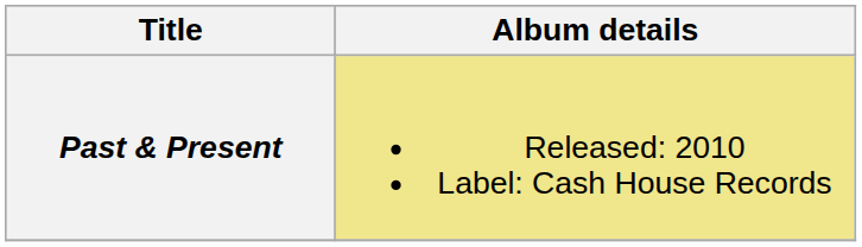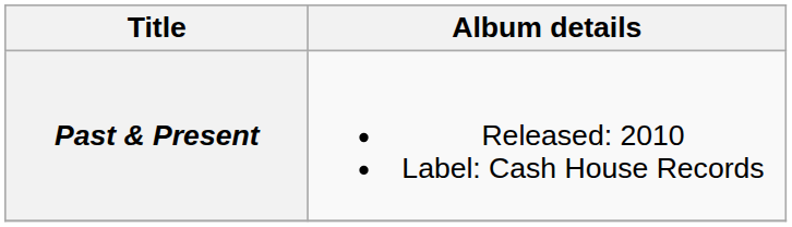 <table class="wikitable plainrowheaders" style="text-align:center;">
 <tr>
 <th scope="col" style="width:10em;">Title</th>
 <th scope="col" style="width:16em;">Album details</th>
 </tr>
 <tr>
 <th scope="row"><em>Past & Present</em></th>
-<td style="background: khaki;"><br><ul><li>Released: 2010</li><li>Label: Cash House Records</li></ul></td>
+<td><br><ul><li>Released: 2010</li><li>Label: Cash House Records</li></ul></td>
 </tr>
 <tr>
 </tr>
 </table>
